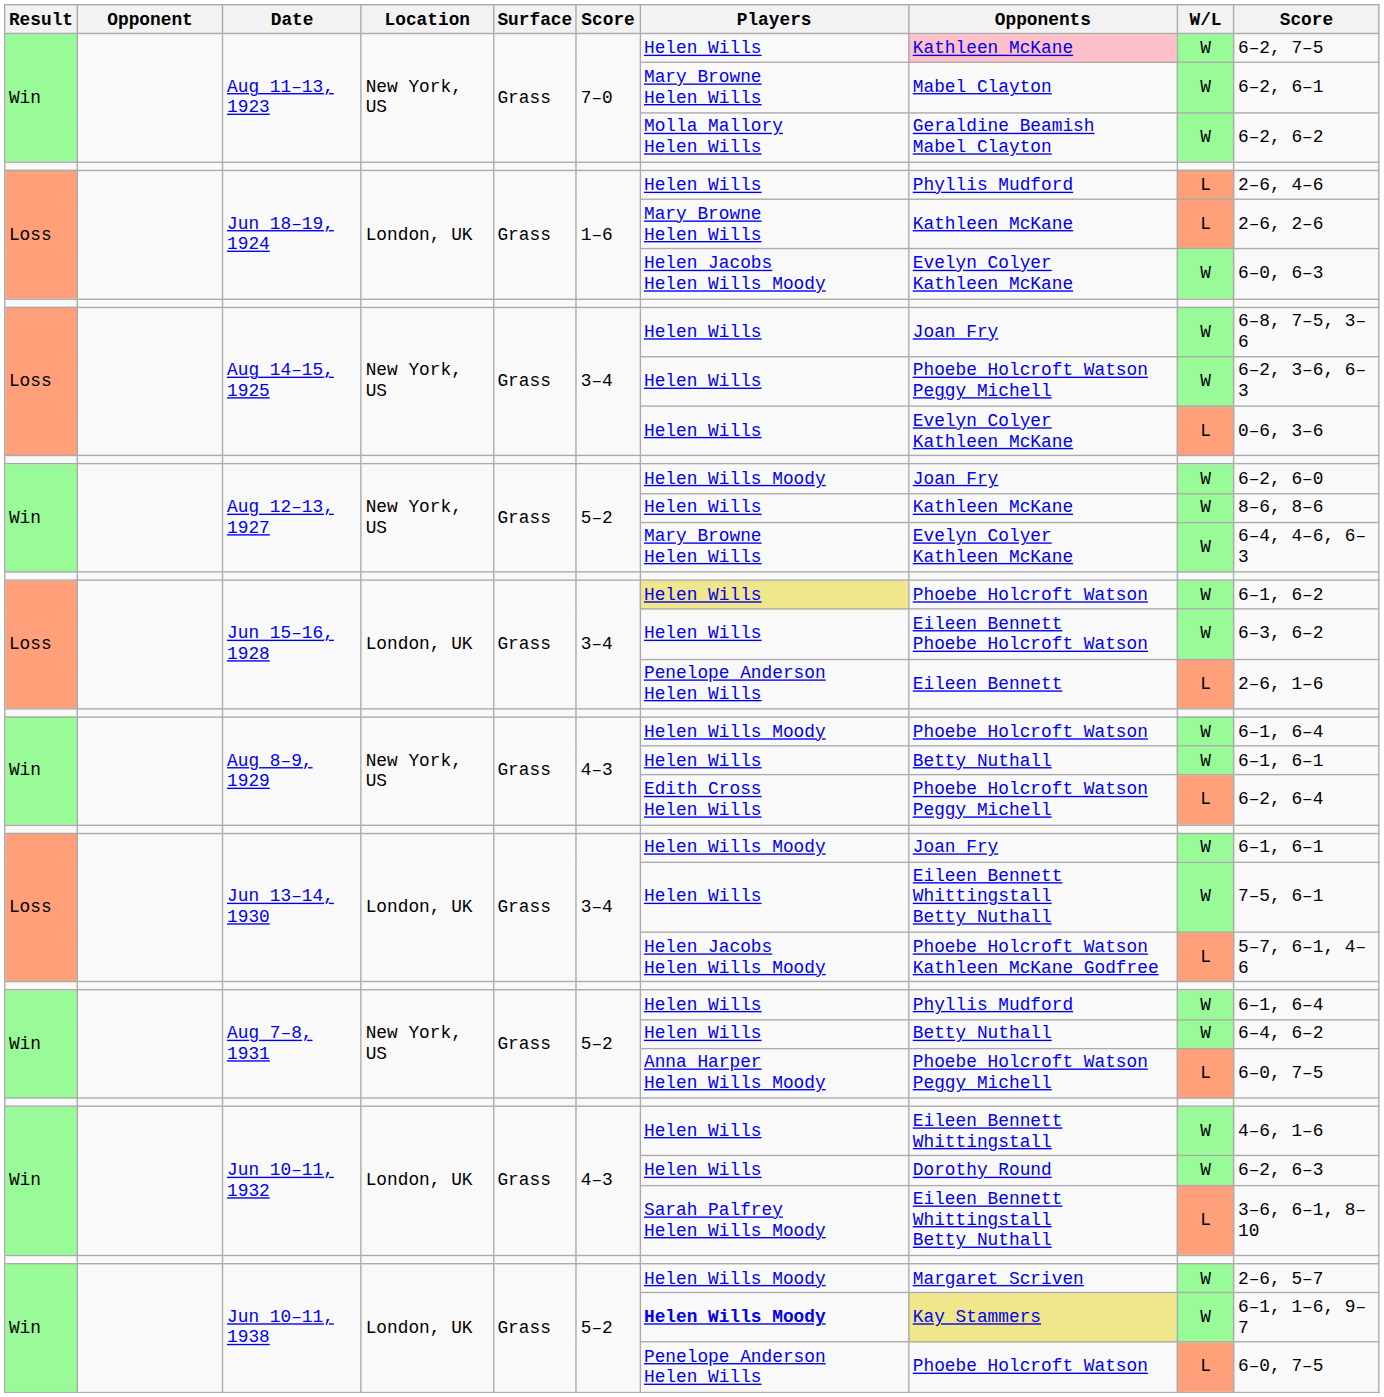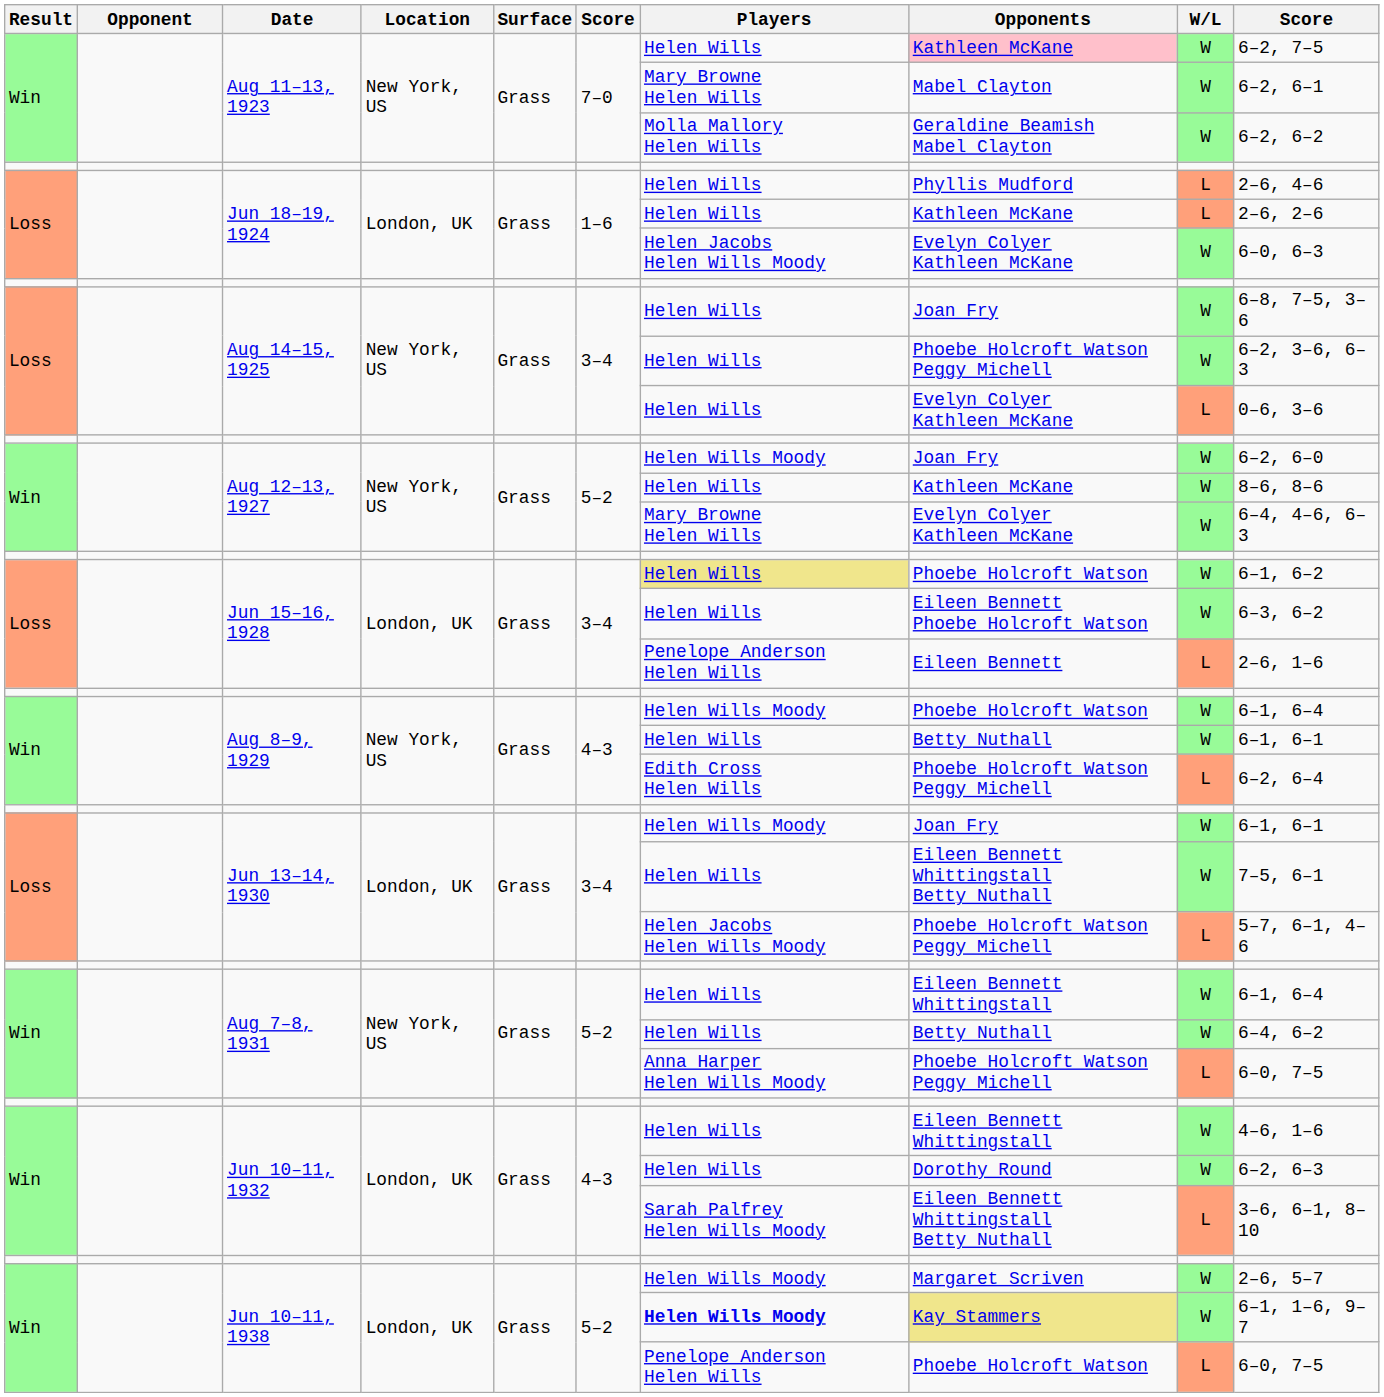 <table class="sortable wikitable">
 <tr>
 <th style="width:40px">Result</th>
 <th style="width:100px">Opponent</th>
 <th style="width:95px">Date</th>
 <th style="width:90px">Location</th>
 <th style="width:40px">Surface</th>
 <th style="width:40px" class="unsortable">Score</th>
 <th style="width:190px">Players</th>
 <th style="width:190px">Opponents</th>
 <th style="width:35px" class="unsortable">W/L</th>
 <th style="width:100px" class="unsortable">Score</th>
 </tr>
 <tr>
 <td rowspan=3 style="background:#98fb98;">Win</td>
 <td rowspan=3></td>
 <td rowspan=3><a href='#'>Aug 11–13, 1923</a></td>
 <td rowspan=3>New York, US</td>
 <td rowspan=3>Grass</td>
 <td rowspan=3>7–0</td>
 <td> <a href='#'>Helen Wills</a></td>
 <td style="background: pink;"> <a href='#'>Kathleen McKane</a></td>
 <td style="text-align:center; background:#98fb98;">W</td>
 <td>6–2, 7–5</td>
 </tr>
 <tr>
 <td> <a href='#'>Mary Browne</a> <br>  <a href='#'>Helen Wills</a></td>
 <td> <a href='#'>Mabel Clayton</a></td>
 <td style="text-align:center; background:#98fb98;">W</td>
 <td>6–2, 6–1</td>
 </tr>
 <tr>
 <td> <a href='#'>Molla Mallory</a> <br>  <a href='#'>Helen Wills</a></td>
 <td> <a href='#'>Geraldine Beamish </a> <br>  <a href='#'>Mabel Clayton</a></td>
 <td style="text-align:center; background:#98fb98;">W</td>
 <td>6–2, 6–2</td>
 </tr>
 <tr>
 <td></td>
 <td></td>
 <td></td>
 <td></td>
 <td></td>
 <td></td>
 <td></td>
 <td></td>
 <td></td>
 <td></td>
 </tr>
 <tr>
 <td rowspan=3 style="background:#ffa07a;">Loss</td>
 <td rowspan=3></td>
 <td rowspan=3><a href='#'>Jun 18–19, 1924</a></td>
 <td rowspan=3>London, UK</td>
 <td rowspan=3>Grass</td>
 <td rowspan=3>1–6</td>
 <td> <a href='#'>Helen Wills</a></td>
 <td> <a href='#'>Phyllis Mudford</a></td>
 <td style="text-align:center; background:#ffa07a;">L</td>
 <td>2–6, 4–6</td>
 </tr>
 <tr>
-<td> <a href='#'>Mary Browne</a> <br>  <a href='#'>Helen Wills</a></td>
+<td> <a href='#'>Helen Wills</a></td>
 <td> <a href='#'>Kathleen McKane</a></td>
 <td style="text-align:center; background:#ffa07a;">L</td>
 <td>2–6, 2–6</td>
 </tr>
 <tr>
 <td> <a href='#'>Helen Jacobs</a> <br>  <a href='#'>Helen Wills Moody</a></td>
 <td> <a href='#'>Evelyn Colyer</a> <br>  <a href='#'>Kathleen McKane</a></td>
 <td style="text-align:center; background:#98fb98;">W</td>
 <td>6–0, 6–3</td>
 </tr>
 <tr>
 <td></td>
 <td></td>
 <td></td>
 <td></td>
 <td></td>
 <td></td>
 <td></td>
 <td></td>
 <td></td>
 <td></td>
 </tr>
 <tr>
 <td rowspan=3 style="background:#ffa07a;">Loss</td>
 <td rowspan=3></td>
 <td rowspan=3><a href='#'>Aug 14–15, 1925</a></td>
 <td rowspan=3>New York, US</td>
 <td rowspan=3>Grass</td>
 <td rowspan=3>3–4</td>
 <td> <a href='#'>Helen Wills</a></td>
 <td> <a href='#'>Joan Fry</a></td>
 <td style="text-align:center; background:#98fb98;">W</td>
 <td>6–8, 7–5, 3–6</td>
 </tr>
 <tr>
 <td> <a href='#'>Helen Wills</a></td>
 <td> <a href='#'>Phoebe Holcroft Watson</a> <br>  <a href='#'>Peggy Michell</a></td>
 <td style="text-align:center; background:#98fb98;">W</td>
 <td>6–2, 3–6, 6–3</td>
 </tr>
 <tr>
 <td> <a href='#'>Helen Wills</a></td>
 <td> <a href='#'>Evelyn Colyer</a> <br>  <a href='#'>Kathleen McKane</a></td>
 <td style="text-align:center; background:#ffa07a;">L</td>
 <td>0–6, 3–6</td>
 </tr>
 <tr>
 <td></td>
 <td></td>
 <td></td>
 <td></td>
 <td></td>
 <td></td>
 <td></td>
 <td></td>
 <td></td>
 <td></td>
 </tr>
 <tr>
 <td rowspan=3 style="background:#98fb98;">Win</td>
 <td rowspan=3></td>
 <td rowspan=3><a href='#'>Aug 12–13, 1927</a></td>
 <td rowspan=3>New York, US</td>
 <td rowspan=3>Grass</td>
 <td rowspan=3>5–2</td>
 <td> <a href='#'>Helen Wills Moody</a></td>
 <td> <a href='#'>Joan Fry</a></td>
 <td style="text-align:center; background:#98fb98;">W</td>
 <td>6–2, 6–0</td>
 </tr>
 <tr>
 <td> <a href='#'>Helen Wills</a></td>
 <td> <a href='#'>Kathleen McKane</a></td>
 <td style="text-align:center; background:#98fb98;">W</td>
 <td>8–6, 8–6</td>
 </tr>
 <tr>
 <td> <a href='#'>Mary Browne</a> <br>  <a href='#'>Helen Wills</a></td>
 <td> <a href='#'>Evelyn Colyer</a> <br>  <a href='#'>Kathleen McKane</a></td>
 <td style="text-align:center; background:#98fb98;">W</td>
 <td>6–4, 4–6, 6–3</td>
 </tr>
 <tr>
 <td></td>
 <td></td>
 <td></td>
 <td></td>
 <td></td>
 <td></td>
 <td></td>
 <td></td>
 <td></td>
 <td></td>
 </tr>
 <tr>
 <td rowspan=3 style="background:#ffa07a;">Loss</td>
 <td rowspan=3></td>
 <td rowspan=3><a href='#'>Jun 15–16, 1928</a></td>
 <td rowspan=3>London, UK</td>
 <td rowspan=3>Grass</td>
 <td rowspan=3>3–4</td>
 <td style="background: khaki;"> <a href='#'>Helen Wills</a></td>
 <td> <a href='#'>Phoebe Holcroft Watson</a></td>
 <td style="text-align:center; background:#98fb98;">W</td>
 <td>6–1, 6–2</td>
 </tr>
 <tr>
 <td> <a href='#'>Helen Wills</a></td>
 <td> <a href='#'>Eileen Bennett</a> <br>  <a href='#'>Phoebe Holcroft Watson</a></td>
 <td style="text-align:center; background:#98fb98;">W</td>
 <td>6–3, 6–2</td>
 </tr>
 <tr>
 <td> <a href='#'>Penelope Anderson</a> <br>  <a href='#'>Helen Wills</a></td>
 <td> <a href='#'>Eileen Bennett</a></td>
 <td style="text-align:center; background:#ffa07a;">L</td>
 <td>2–6, 1–6</td>
 </tr>
 <tr>
 <td></td>
 <td></td>
 <td></td>
 <td></td>
 <td></td>
 <td></td>
 <td></td>
 <td></td>
 <td></td>
 <td></td>
 </tr>
 <tr>
 <td rowspan=3 style="background:#98fb98;">Win</td>
 <td rowspan=3></td>
 <td rowspan=3><a href='#'>Aug 8–9, 1929</a></td>
 <td rowspan=3>New York, US</td>
 <td rowspan=3>Grass</td>
 <td rowspan=3>4–3</td>
 <td> <a href='#'>Helen Wills Moody</a></td>
 <td> <a href='#'>Phoebe Holcroft Watson</a></td>
 <td style="text-align:center; background:#98fb98;">W</td>
 <td>6–1, 6–4</td>
 </tr>
 <tr>
 <td> <a href='#'>Helen Wills</a></td>
 <td> <a href='#'>Betty Nuthall</a></td>
 <td style="text-align:center; background:#98fb98;">W</td>
 <td>6–1, 6–1</td>
 </tr>
 <tr>
 <td> <a href='#'>Edith Cross</a> <br>  <a href='#'>Helen Wills</a></td>
 <td> <a href='#'>Phoebe Holcroft Watson</a> <br>  <a href='#'>Peggy Michell</a></td>
 <td style="text-align:center; background:#ffa07a;">L</td>
 <td>6–2, 6–4</td>
 </tr>
 <tr>
 <td></td>
 <td></td>
 <td></td>
 <td></td>
 <td></td>
 <td></td>
 <td></td>
 <td></td>
 <td></td>
 <td></td>
 </tr>
 <tr>
 <td rowspan=3 style="background:#ffa07a;">Loss</td>
 <td rowspan=3></td>
 <td rowspan=3><a href='#'>Jun 13–14, 1930</a></td>
 <td rowspan=3>London, UK</td>
 <td rowspan=3>Grass</td>
 <td rowspan=3>3–4</td>
 <td> <a href='#'>Helen Wills Moody</a></td>
 <td> <a href='#'>Joan Fry</a></td>
 <td style="text-align:center; background:#98fb98;">W</td>
 <td>6–1, 6–1</td>
 </tr>
 <tr>
 <td> <a href='#'>Helen Wills</a></td>
 <td> <a href='#'>Eileen Bennett Whittingstall</a> <br>  <a href='#'>Betty Nuthall</a></td>
 <td style="text-align:center; background:#98fb98;">W</td>
 <td>7–5, 6–1</td>
 </tr>
 <tr>
 <td> <a href='#'>Helen Jacobs</a> <br>  <a href='#'>Helen Wills Moody</a></td>
-<td> <a href='#'>Phoebe Holcroft Watson</a> <br>  <a href='#'>Kathleen McKane Godfree</a></td>
+<td> <a href='#'>Phoebe Holcroft Watson</a> <br>  <a href='#'>Peggy Michell</a></td>
 <td style="text-align:center; background:#ffa07a;">L</td>
 <td>5–7, 6–1, 4–6</td>
 </tr>
 <tr>
 <td></td>
 <td></td>
 <td></td>
 <td></td>
 <td></td>
 <td></td>
 <td></td>
 <td></td>
 <td></td>
 <td></td>
 </tr>
 <tr>
 <td rowspan=3 style="background:#98fb98;">Win</td>
 <td rowspan=3></td>
 <td rowspan=3><a href='#'>Aug 7–8, 1931</a></td>
 <td rowspan=3>New York, US</td>
 <td rowspan=3>Grass</td>
 <td rowspan=3>5–2</td>
 <td> <a href='#'>Helen Wills</a></td>
-<td> <a href='#'>Phyllis Mudford</a></td>
+<td> <a href='#'>Eileen Bennett Whittingstall</a></td>
 <td style="text-align:center; background:#98fb98;">W</td>
 <td>6–1, 6–4</td>
 </tr>
 <tr>
 <td> <a href='#'>Helen Wills</a></td>
 <td> <a href='#'>Betty Nuthall</a></td>
 <td style="text-align:center; background:#98fb98;">W</td>
 <td>6–4, 6–2</td>
 </tr>
 <tr>
 <td> <a href='#'>Anna Harper</a> <br>  <a href='#'>Helen Wills Moody</a></td>
 <td> <a href='#'>Phoebe Holcroft Watson</a> <br>  <a href='#'>Peggy Michell</a></td>
 <td style="text-align:center; background:#ffa07a;">L</td>
 <td>6–0, 7–5</td>
 </tr>
 <tr>
 <td></td>
 <td></td>
 <td></td>
 <td></td>
 <td></td>
 <td></td>
 <td></td>
 <td></td>
 <td></td>
 <td></td>
 </tr>
 <tr>
 <td rowspan=3 style="background:#98fb98;">Win</td>
 <td rowspan=3></td>
 <td rowspan=3><a href='#'>Jun 10–11, 1932</a></td>
 <td rowspan=3>London, UK</td>
 <td rowspan=3>Grass</td>
 <td rowspan=3>4–3</td>
 <td> <a href='#'>Helen Wills</a></td>
 <td> <a href='#'>Eileen Bennett Whittingstall</a></td>
 <td style="text-align:center; background:#98fb98;">W</td>
 <td>4–6, 1–6</td>
 </tr>
 <tr>
 <td> <a href='#'>Helen Wills</a></td>
 <td> <a href='#'>Dorothy Round</a></td>
 <td style="text-align:center; background:#98fb98;">W</td>
 <td>6–2, 6–3</td>
 </tr>
 <tr>
 <td> <a href='#'>Sarah Palfrey</a> <br>  <a href='#'>Helen Wills Moody</a></td>
 <td> <a href='#'>Eileen Bennett Whittingstall</a> <br>  <a href='#'>Betty Nuthall</a></td>
 <td style="text-align:center; background:#ffa07a;">L</td>
 <td>3–6, 6–1, 8–10</td>
 </tr>
 <tr>
 <td></td>
 <td></td>
 <td></td>
 <td></td>
 <td></td>
 <td></td>
 <td></td>
 <td></td>
 <td></td>
 <td></td>
 </tr>
 <tr>
 <td rowspan=3 style="background:#98fb98;">Win</td>
 <td rowspan=3></td>
 <td rowspan=3><a href='#'>Jun 10–11, 1938</a></td>
 <td rowspan=3>London, UK</td>
 <td rowspan=3>Grass</td>
 <td rowspan=3>5–2</td>
 <td> <a href='#'>Helen Wills Moody</a></td>
 <td> <a href='#'>Margaret Scriven</a></td>
 <td style="text-align:center; background:#98fb98;">W</td>
 <td>2–6, 5–7</td>
 </tr>
 <tr>
 <td><strong> <a href='#'>Helen Wills Moody</a></strong></td>
 <td style="background: khaki;"> <a href='#'>Kay Stammers</a></td>
 <td style="text-align:center; background:#98fb98;">W</td>
 <td>6–1, 1–6, 9–7</td>
 </tr>
 <tr>
 <td> <a href='#'>Penelope Anderson</a> <br>  <a href='#'>Helen Wills</a></td>
 <td> <a href='#'>Phoebe Holcroft Watson</a></td>
 <td style="text-align:center; background:#ffa07a;">L</td>
 <td>6–0, 7–5</td>
 </tr>
 </table>
